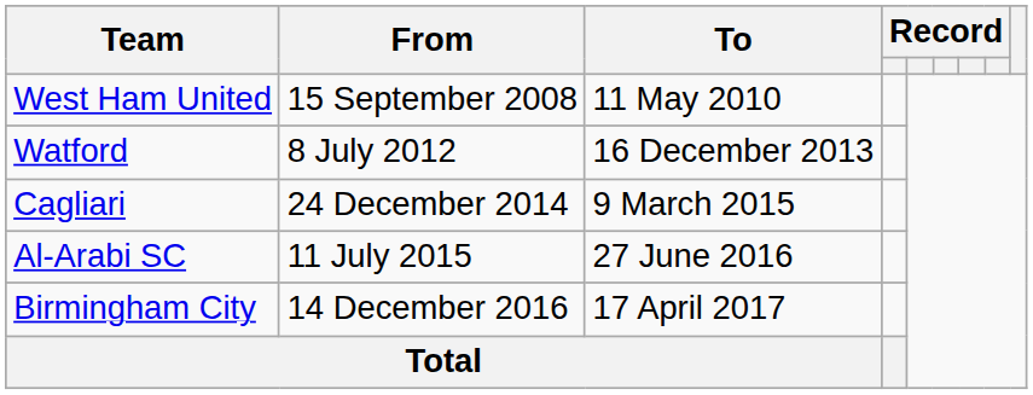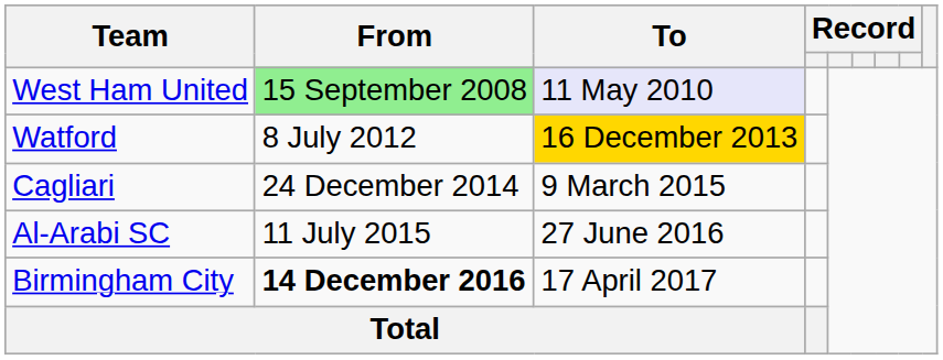 <table class=wikitable style="text-align: left">
 <tr>
 <th rowspan="2">Team</th>
 <th rowspan="2">From</th>
 <th rowspan="2">To</th>
 <th colspan="5">Record</th>
 <th rowspan="2"></th>
 </tr>
 <tr>
 <th></th>
 <th></th>
 <th></th>
 <th></th>
 <th></th>
 </tr>
 <tr>
 <td><a href='#'>West Ham United</a></td>
-<td>15 September 2008</td>
-<td>11 May 2010<br></td>
+<td style="background: lightgreen;">15 September 2008</td>
+<td style="background: lavender;">11 May 2010<br></td>
 <td style="text-align: center"></td>
 </tr>
 <tr>
 <td><a href='#'>Watford</a></td>
 <td>8 July 2012</td>
-<td>16 December 2013<br></td>
+<td style="background: gold;">16 December 2013<br></td>
 <td style="text-align: center"></td>
 </tr>
 <tr>
 <td><a href='#'>Cagliari</a></td>
 <td>24 December 2014</td>
 <td>9 March 2015<br></td>
 <td style="text-align: center"></td>
 </tr>
 <tr>
 <td><a href='#'>Al-Arabi SC</a></td>
 <td>11 July 2015</td>
 <td>27 June 2016<br></td>
 <td style="text-align: center"></td>
 </tr>
 <tr>
 <td><a href='#'>Birmingham City</a></td>
-<td>14 December 2016</td>
+<td><strong>14 December 2016</strong></td>
 <td>17 April 2017<br></td>
 <td style="text-align: center"></td>
 </tr>
 <tr>
 <th colspan=3>Total<br></th>
 <th></th>
 </tr>
 </table>
